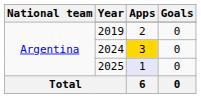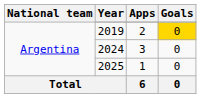 <table class="wikitable" style="text-align:center">
 <tr>
 <th>National team</th>
 <th>Year</th>
 <th>Apps</th>
 <th>Goals</th>
 </tr>
 <tr>
 <td rowspan="4"><a href='#'>Argentina</a></td>
 </tr>
 <tr>
 <td>2019</td>
 <td>2</td>
-<td>0</td>
+<td style="background: gold;">0</td>
 </tr>
 <tr>
 <td>2024</td>
-<td style="background: gold;">3</td>
+<td>3</td>
 <td>0</td>
 </tr>
 <tr>
 <td>2025</td>
-<td style="background: lavender;">1</td>
+<td>1</td>
 <td>0</td>
 </tr>
 <tr>
 <th colspan="2">Total</th>
 <th>6</th>
 <th>0</th>
 </tr>
 </table>
